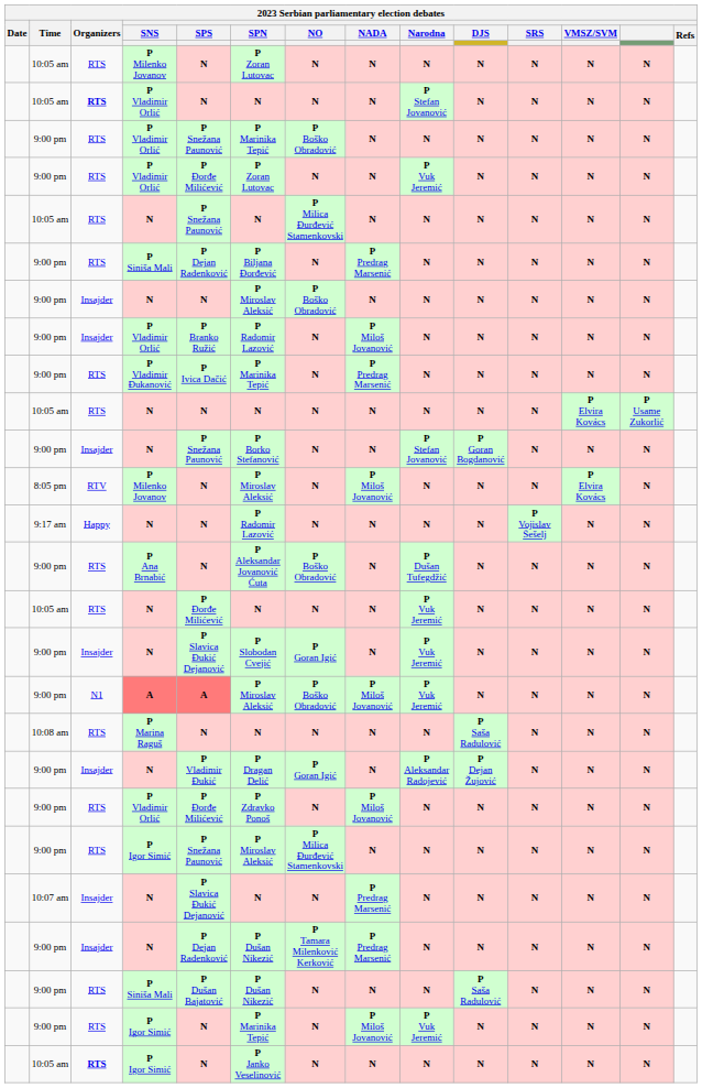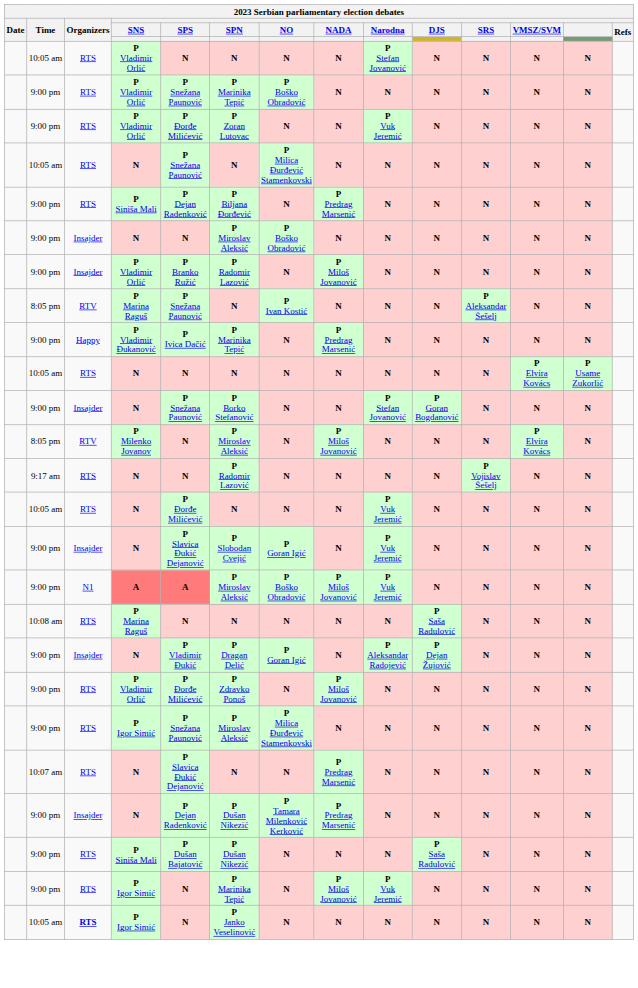 <table class="wikitable" style="font-size:85%; line-height:15px; text-align:center">
 <tr>
 <th colspan="14">2023 Serbian parliamentary election debates</th>
 </tr>
 <tr>
 <th rowspan="3">Date</th>
 <th rowspan="3">Time</th>
 <th rowspan="3">Organizers</th>
 <th colspan="11">        </th>
 </tr>
 <tr>
 <th scope="col" style="width:5em"><a href='#'>SNS</a></th>
 <th scope="col" style="width:5em"><a href='#'>SPS</a></th>
 <th scope="col" style="width:5em"><a href='#'>SPN</a></th>
 <th scope="col" style="width:5em"><a href='#'>NO</a></th>
 <th scope="col" style="width:5em"><a href='#'>NADA</a></th>
 <th scope="col" style="width:5em"><a href='#'>Narodna</a></th>
 <th scope="col" style="width:5em"><a href='#'>DJS</a></th>
 <th scope="col" style="width:5em"><a href='#'>SRS</a></th>
 <th scope="col" style="width:5em"><a href='#'>VMSZ/SVM</a></th>
 <th scope="col" style="width:5em"></th>
 <th rowspan="2">Refs</th>
 </tr>
 <tr>
 <th style="background:"></th>
 <th style="background:"></th>
 <th style="background:"></th>
 <th style="background:"></th>
 <th style="background:"></th>
 <th style="background:"></th>
 <th style="background:#D0B528"></th>
 <th style="background:"></th>
 <th style="background:"></th>
 <th style="background:#749C75"></th>
 </tr>
 <tr>
 <td></td>
 <td>10:05 am</td>
 <td><a href='#'>RTS</a></td>
-<td style="background:#D0FFD0"><strong>P</strong><br><a href='#'>Milenko Jovanov</a></td>
-<td style="background:#FFD0D0"><strong>N</strong></td>
-<td style="background:#D0FFD0"><strong>P</strong><br><a href='#'>Zoran Lutovac</a></td>
-<td style="background:#FFD0D0"><strong>N</strong></td>
-<td style="background:#FFD0D0"><strong>N</strong></td>
-<td style="background:#FFD0D0"><strong>N</strong></td>
-<td style="background:#FFD0D0"><strong>N</strong></td>
-<td style="background:#FFD0D0"><strong>N</strong></td>
-<td style="background:#FFD0D0"><strong>N</strong></td>
-<td style="background:#FFD0D0"><strong>N</strong></td>
-<td></td>
-</tr>
-<tr>
-<td></td>
-<td>10:05 am</td>
-<td><strong><a href='#'>RTS</a></strong></td>
 <td style="background:#D0FFD0"><strong>P</strong><br><a href='#'>Vladimir Orlić</a></td>
 <td style="background:#FFD0D0"><strong>N</strong></td>
 <td style="background:#FFD0D0"><strong>N</strong></td>
 <td style="background:#FFD0D0"><strong>N</strong></td>
 <td style="background:#FFD0D0"><strong>N</strong></td>
 <td style="background:#D0FFD0"><strong>P</strong><br><a href='#'>Stefan Jovanović</a></td>
 <td style="background:#FFD0D0"><strong>N</strong></td>
 <td style="background:#FFD0D0"><strong>N</strong></td>
 <td style="background:#FFD0D0"><strong>N</strong></td>
 <td style="background:#FFD0D0"><strong>N</strong></td>
 <td></td>
 </tr>
 <tr>
 <td></td>
 <td>9:00 pm</td>
 <td><a href='#'>RTS</a></td>
 <td style="background:#D0FFD0"><strong>P</strong><br><a href='#'>Vladimir Orlić</a></td>
 <td style="background:#D0FFD0"><strong>P</strong><br><a href='#'>Snežana Paunović</a></td>
 <td style="background:#D0FFD0"><strong>P</strong><br><a href='#'>Marinika Tepić</a></td>
 <td style="background:#D0FFD0"><strong>P</strong><br><a href='#'>Boško Obradović</a></td>
 <td style="background:#FFD0D0"><strong>N</strong></td>
 <td style="background:#FFD0D0"><strong>N</strong></td>
 <td style="background:#FFD0D0"><strong>N</strong></td>
 <td style="background:#FFD0D0"><strong>N</strong></td>
 <td style="background:#FFD0D0"><strong>N</strong></td>
 <td style="background:#FFD0D0"><strong>N</strong></td>
 <td></td>
 </tr>
 <tr>
 <td></td>
 <td>9:00 pm</td>
 <td><a href='#'>RTS</a></td>
 <td style="background:#D0FFD0"><strong>P</strong><br><a href='#'>Vladimir Orlić</a></td>
 <td style="background:#D0FFD0"><strong>P</strong><br><a href='#'>Đorđe Milićević</a></td>
 <td style="background:#D0FFD0"><strong>P</strong><br><a href='#'>Zoran Lutovac</a></td>
 <td style="background:#FFD0D0"><strong>N</strong></td>
 <td style="background:#FFD0D0"><strong>N</strong></td>
 <td style="background:#D0FFD0"><strong>P</strong><br><a href='#'>Vuk Jeremić</a></td>
 <td style="background:#FFD0D0"><strong>N</strong></td>
 <td style="background:#FFD0D0"><strong>N</strong></td>
 <td style="background:#FFD0D0"><strong>N</strong></td>
 <td style="background:#FFD0D0"><strong>N</strong></td>
 <td></td>
 </tr>
 <tr>
 <td></td>
 <td>10:05 am</td>
 <td><a href='#'>RTS</a></td>
 <td style="background:#FFD0D0"><strong>N</strong></td>
 <td style="background:#D0FFD0"><strong>P</strong><br><a href='#'>Snežana Paunović</a></td>
 <td style="background:#FFD0D0"><strong>N</strong></td>
 <td style="background:#D0FFD0"><strong>P</strong><br><a href='#'>Milica Đurđević Stamenkovski</a></td>
 <td style="background:#FFD0D0"><strong>N</strong></td>
 <td style="background:#FFD0D0"><strong>N</strong></td>
 <td style="background:#FFD0D0"><strong>N</strong></td>
 <td style="background:#FFD0D0"><strong>N</strong></td>
 <td style="background:#FFD0D0"><strong>N</strong></td>
 <td style="background:#FFD0D0"><strong>N</strong></td>
 <td></td>
 </tr>
 <tr>
 <td></td>
 <td>9:00 pm</td>
 <td><a href='#'>RTS</a></td>
 <td style="background:#D0FFD0"><strong>P</strong><br><a href='#'>Siniša Mali</a></td>
 <td style="background:#D0FFD0"><strong>P</strong><br><a href='#'>Dejan Radenković</a></td>
 <td style="background:#D0FFD0"><strong>P</strong><br><a href='#'>Biljana Đorđević</a></td>
 <td style="background:#FFD0D0"><strong>N</strong></td>
 <td style="background:#D0FFD0"><strong>P</strong><br><a href='#'>Predrag Marsenić</a></td>
 <td style="background:#FFD0D0"><strong>N</strong></td>
 <td style="background:#FFD0D0"><strong>N</strong></td>
 <td style="background:#FFD0D0"><strong>N</strong></td>
 <td style="background:#FFD0D0"><strong>N</strong></td>
 <td style="background:#FFD0D0"><strong>N</strong></td>
 <td></td>
 </tr>
 <tr>
 <td></td>
 <td>9:00 pm</td>
 <td><a href='#'>Insajder</a></td>
 <td style="background:#FFD0D0"><strong>N</strong></td>
 <td style="background:#FFD0D0"><strong>N</strong></td>
 <td style="background:#D0FFD0"><strong>P</strong><br><a href='#'>Miroslav Aleksić</a></td>
 <td style="background:#D0FFD0"><strong>P</strong><br><a href='#'>Boško Obradović</a></td>
 <td style="background:#FFD0D0"><strong>N</strong></td>
 <td style="background:#FFD0D0"><strong>N</strong></td>
 <td style="background:#FFD0D0"><strong>N</strong></td>
 <td style="background:#FFD0D0"><strong>N</strong></td>
 <td style="background:#FFD0D0"><strong>N</strong></td>
 <td style="background:#FFD0D0"><strong>N</strong></td>
 <td></td>
 </tr>
 <tr>
 <td></td>
 <td>9:00 pm</td>
 <td><a href='#'>Insajder</a></td>
 <td style="background:#D0FFD0"><strong>P</strong><br><a href='#'>Vladimir Orlić</a></td>
 <td style="background:#D0FFD0"><strong>P</strong><br><a href='#'>Branko Ružić</a></td>
 <td style="background:#D0FFD0"><strong>P</strong><br><a href='#'>Radomir Lazović</a></td>
 <td style="background:#FFD0D0"><strong>N</strong></td>
 <td style="background:#D0FFD0"><strong>P</strong><br><a href='#'>Miloš Jovanović</a></td>
 <td style="background:#FFD0D0"><strong>N</strong></td>
 <td style="background:#FFD0D0"><strong>N</strong></td>
 <td style="background:#FFD0D0"><strong>N</strong></td>
 <td style="background:#FFD0D0"><strong>N</strong></td>
 <td style="background:#FFD0D0"><strong>N</strong></td>
 <td></td>
 </tr>
 <tr>
 <td></td>
+<td>8:05 pm</td>
+<td><a href='#'>RTV</a></td>
+<td style="background:#D0FFD0"><strong>P</strong><br><a href='#'>Marina Raguš</a></td>
+<td style="background:#D0FFD0"><strong>P</strong><br><a href='#'>Snežana Paunović</a></td>
+<td style="background:#FFD0D0"><strong>N</strong></td>
+<td style="background:#D0FFD0"><strong>P</strong><br><a href='#'>Ivan Kostić</a></td>
+<td style="background:#FFD0D0"><strong>N</strong></td>
+<td style="background:#FFD0D0"><strong>N</strong></td>
+<td style="background:#FFD0D0"><strong>N</strong></td>
+<td style="background:#D0FFD0"><strong>P</strong><br><a href='#'>Aleksandar Šešelj</a></td>
+<td style="background:#FFD0D0"><strong>N</strong></td>
+<td style="background:#FFD0D0"><strong>N</strong></td>
+<td></td>
+</tr>
+<tr>
+<td></td>
 <td>9:00 pm</td>
-<td><a href='#'>RTS</a></td>
+<td><a href='#'>Happy</a></td>
 <td style="background:#D0FFD0"><strong>P</strong><br><a href='#'>Vladimir Đukanović</a></td>
 <td style="background:#D0FFD0"><strong>P</strong><br><a href='#'>Ivica Dačić</a></td>
 <td style="background:#D0FFD0"><strong>P</strong><br><a href='#'>Marinika Tepić</a></td>
 <td style="background:#FFD0D0"><strong>N</strong></td>
 <td style="background:#D0FFD0"><strong>P</strong><br><a href='#'>Predrag Marsenić</a></td>
 <td style="background:#FFD0D0"><strong>N</strong></td>
 <td style="background:#FFD0D0"><strong>N</strong></td>
 <td style="background:#FFD0D0"><strong>N</strong></td>
 <td style="background:#FFD0D0"><strong>N</strong></td>
 <td style="background:#FFD0D0"><strong>N</strong></td>
 <td></td>
 </tr>
 <tr>
 <td></td>
 <td>10:05 am</td>
 <td><a href='#'>RTS</a></td>
 <td style="background:#FFD0D0"><strong>N</strong></td>
 <td style="background:#FFD0D0"><strong>N</strong></td>
 <td style="background:#FFD0D0"><strong>N</strong></td>
 <td style="background:#FFD0D0"><strong>N</strong></td>
 <td style="background:#FFD0D0"><strong>N</strong></td>
 <td style="background:#FFD0D0"><strong>N</strong></td>
 <td style="background:#FFD0D0"><strong>N</strong></td>
 <td style="background:#FFD0D0"><strong>N</strong></td>
 <td style="background:#D0FFD0"><strong>P</strong><br><a href='#'>Elvira Kovács</a></td>
 <td style="background:#D0FFD0"><strong>P</strong><br><a href='#'>Usame Zukorlić</a></td>
 <td></td>
 </tr>
 <tr>
 <td></td>
 <td>9:00 pm</td>
 <td><a href='#'>Insajder</a></td>
 <td style="background:#FFD0D0"><strong>N</strong></td>
 <td style="background:#D0FFD0"><strong>P</strong><br><a href='#'>Snežana Paunović</a></td>
 <td style="background:#D0FFD0"><strong>P</strong><br><a href='#'>Borko Stefanović</a></td>
 <td style="background:#FFD0D0"><strong>N</strong></td>
 <td style="background:#FFD0D0"><strong>N</strong></td>
 <td style="background:#D0FFD0"><strong>P</strong><br><a href='#'>Stefan Jovanović</a></td>
 <td style="background:#D0FFD0"><strong>P</strong><br><a href='#'>Goran Bogdanović</a></td>
 <td style="background:#FFD0D0"><strong>N</strong></td>
 <td style="background:#FFD0D0"><strong>N</strong></td>
 <td style="background:#FFD0D0"><strong>N</strong></td>
 <td></td>
 </tr>
 <tr>
 <td></td>
 <td>8:05 pm</td>
 <td><a href='#'>RTV</a></td>
 <td style="background:#D0FFD0"><strong>P</strong><br><a href='#'>Milenko Jovanov</a></td>
 <td style="background:#FFD0D0"><strong>N</strong></td>
 <td style="background:#D0FFD0"><strong>P</strong><br><a href='#'>Miroslav Aleksić</a></td>
 <td style="background:#FFD0D0"><strong>N</strong></td>
 <td style="background:#D0FFD0"><strong>P</strong><br><a href='#'>Miloš Jovanović</a></td>
 <td style="background:#FFD0D0"><strong>N</strong></td>
 <td style="background:#FFD0D0"><strong>N</strong></td>
 <td style="background:#FFD0D0"><strong>N</strong></td>
 <td style="background:#D0FFD0"><strong>P</strong><br><a href='#'>Elvira Kovács</a></td>
 <td style="background:#FFD0D0"><strong>N</strong></td>
 <td></td>
 </tr>
 <tr>
 <td></td>
 <td>9:17 am</td>
-<td><a href='#'>Happy</a></td>
+<td><a href='#'>RTS</a></td>
 <td style="background:#FFD0D0"><strong>N</strong></td>
 <td style="background:#FFD0D0"><strong>N</strong></td>
 <td style="background:#D0FFD0"><strong>P</strong><br><a href='#'>Radomir Lazović</a></td>
 <td style="background:#FFD0D0"><strong>N</strong></td>
 <td style="background:#FFD0D0"><strong>N</strong></td>
 <td style="background:#FFD0D0"><strong>N</strong></td>
 <td style="background:#FFD0D0"><strong>N</strong></td>
 <td style="background:#D0FFD0"><strong>P</strong><br><a href='#'>Vojislav Šešelj</a></td>
-<td style="background:#FFD0D0"><strong>N</strong></td>
-<td style="background:#FFD0D0"><strong>N</strong></td>
-<td></td>
-</tr>
-<tr>
-<td></td>
-<td>9:00 pm</td>
-<td><a href='#'>RTS</a></td>
-<td style="background:#D0FFD0"><strong>P</strong><br><a href='#'>Ana Brnabić</a></td>
-<td style="background:#FFD0D0"><strong>N</strong></td>
-<td style="background:#D0FFD0"><strong>P</strong><br><a href='#'>Aleksandar Jovanović Ćuta</a></td>
-<td style="background:#D0FFD0"><strong>P</strong><br><a href='#'>Boško Obradović</a></td>
-<td style="background:#FFD0D0"><strong>N</strong></td>
-<td style="background:#D0FFD0"><strong>P</strong><br><a href='#'>Dušan Tufegdžić</a></td>
-<td style="background:#FFD0D0"><strong>N</strong></td>
-<td style="background:#FFD0D0"><strong>N</strong></td>
 <td style="background:#FFD0D0"><strong>N</strong></td>
 <td style="background:#FFD0D0"><strong>N</strong></td>
 <td></td>
 </tr>
 <tr>
 <td></td>
 <td>10:05 am</td>
 <td><a href='#'>RTS</a></td>
 <td style="background:#FFD0D0"><strong>N</strong></td>
 <td style="background:#D0FFD0"><strong>P</strong><br><a href='#'>Đorđe Milićević</a></td>
 <td style="background:#FFD0D0"><strong>N</strong></td>
 <td style="background:#FFD0D0"><strong>N</strong></td>
 <td style="background:#FFD0D0"><strong>N</strong></td>
 <td style="background:#D0FFD0"><strong>P</strong><br><a href='#'>Vuk Jeremić</a></td>
 <td style="background:#FFD0D0"><strong>N</strong></td>
 <td style="background:#FFD0D0"><strong>N</strong></td>
 <td style="background:#FFD0D0"><strong>N</strong></td>
 <td style="background:#FFD0D0"><strong>N</strong></td>
 <td></td>
 </tr>
 <tr>
 <td></td>
 <td>9:00 pm</td>
 <td><a href='#'>Insajder</a></td>
 <td style="background:#FFD0D0"><strong>N</strong></td>
 <td style="background:#D0FFD0"><strong>P</strong><br><a href='#'>Slavica Đukić Dejanović</a></td>
 <td style="background:#D0FFD0"><strong>P</strong><br><a href='#'>Slobodan Cvejić</a></td>
 <td style="background:#D0FFD0"><strong>P</strong><br><a href='#'>Goran Igić</a></td>
 <td style="background:#FFD0D0"><strong>N</strong></td>
 <td style="background:#D0FFD0"><strong>P</strong><br><a href='#'>Vuk Jeremić</a></td>
 <td style="background:#FFD0D0"><strong>N</strong></td>
 <td style="background:#FFD0D0"><strong>N</strong></td>
 <td style="background:#FFD0D0"><strong>N</strong></td>
 <td style="background:#FFD0D0"><strong>N</strong></td>
 <td></td>
 </tr>
 <tr>
 <td></td>
 <td>9:00 pm</td>
 <td><a href='#'>N1</a></td>
 <td style="background:#FF7A7A"><strong>A</strong></td>
 <td style="background:#FF7A7A"><strong>A</strong></td>
 <td style="background:#D0FFD0"><strong>P</strong><br><a href='#'>Miroslav Aleksić</a></td>
 <td style="background:#D0FFD0"><strong>P</strong><br><a href='#'>Boško Obradović</a></td>
 <td style="background:#D0FFD0"><strong>P</strong><br><a href='#'>Miloš Jovanović</a></td>
 <td style="background:#D0FFD0"><strong>P</strong><br><a href='#'>Vuk Jeremić</a></td>
 <td style="background:#FFD0D0"><strong>N</strong></td>
 <td style="background:#FFD0D0"><strong>N</strong></td>
 <td style="background:#FFD0D0"><strong>N</strong></td>
 <td style="background:#FFD0D0"><strong>N</strong></td>
 <td></td>
 </tr>
 <tr>
 <td></td>
 <td>10:08 am</td>
 <td><a href='#'>RTS</a></td>
 <td style="background:#D0FFD0"><strong>P</strong><br><a href='#'>Marina Raguš</a></td>
 <td style="background:#FFD0D0"><strong>N</strong></td>
 <td style="background:#FFD0D0"><strong>N</strong></td>
 <td style="background:#FFD0D0"><strong>N</strong></td>
 <td style="background:#FFD0D0"><strong>N</strong></td>
 <td style="background:#FFD0D0"><strong>N</strong></td>
 <td style="background:#D0FFD0"><strong>P</strong><br><a href='#'>Saša Radulović</a></td>
 <td style="background:#FFD0D0"><strong>N</strong></td>
 <td style="background:#FFD0D0"><strong>N</strong></td>
 <td style="background:#FFD0D0"><strong>N</strong></td>
 <td></td>
 </tr>
 <tr>
 <td></td>
 <td>9:00 pm</td>
 <td><a href='#'>Insajder</a></td>
 <td style="background:#FFD0D0"><strong>N</strong></td>
 <td style="background:#D0FFD0"><strong>P</strong><br><a href='#'>Vladimir Đukić</a></td>
 <td style="background:#D0FFD0"><strong>P</strong><br><a href='#'>Dragan Delić</a></td>
 <td style="background:#D0FFD0"><strong>P</strong><br><a href='#'>Goran Igić</a></td>
 <td style="background:#FFD0D0"><strong>N</strong></td>
 <td style="background:#D0FFD0"><strong>P</strong><br><a href='#'>Aleksandar Radojević</a></td>
 <td style="background:#D0FFD0"><strong>P</strong><br><a href='#'>Dejan Žujović</a></td>
 <td style="background:#FFD0D0"><strong>N</strong></td>
 <td style="background:#FFD0D0"><strong>N</strong></td>
 <td style="background:#FFD0D0"><strong>N</strong></td>
 <td></td>
 </tr>
 <tr>
 <td></td>
 <td>9:00 pm</td>
 <td><a href='#'>RTS</a></td>
 <td style="background:#D0FFD0"><strong>P</strong><br><a href='#'>Vladimir Orlić</a></td>
 <td style="background:#D0FFD0"><strong>P</strong><br><a href='#'>Đorđe Milićević</a></td>
 <td style="background:#D0FFD0"><strong>P</strong><br><a href='#'>Zdravko Ponoš</a></td>
 <td style="background:#FFD0D0"><strong>N</strong></td>
 <td style="background:#D0FFD0"><strong>P</strong><br><a href='#'>Miloš Jovanović</a></td>
 <td style="background:#FFD0D0"><strong>N</strong></td>
 <td style="background:#FFD0D0"><strong>N</strong></td>
 <td style="background:#FFD0D0"><strong>N</strong></td>
 <td style="background:#FFD0D0"><strong>N</strong></td>
 <td style="background:#FFD0D0"><strong>N</strong></td>
 <td></td>
 </tr>
 <tr>
 <td></td>
 <td>9:00 pm</td>
 <td><a href='#'>RTS</a></td>
 <td style="background:#D0FFD0"><strong>P</strong><br><a href='#'>Igor Simić</a></td>
 <td style="background:#D0FFD0"><strong>P</strong><br><a href='#'>Snežana Paunović</a></td>
 <td style="background:#D0FFD0"><strong>P</strong><br><a href='#'>Miroslav Aleksić</a></td>
 <td style="background:#D0FFD0"><strong>P</strong><br><a href='#'>Milica Đurđević Stamenkovski</a></td>
 <td style="background:#FFD0D0"><strong>N</strong></td>
 <td style="background:#FFD0D0"><strong>N</strong></td>
 <td style="background:#FFD0D0"><strong>N</strong></td>
 <td style="background:#FFD0D0"><strong>N</strong></td>
 <td style="background:#FFD0D0"><strong>N</strong></td>
 <td style="background:#FFD0D0"><strong>N</strong></td>
 <td></td>
 </tr>
 <tr>
 <td></td>
 <td>10:07 am</td>
-<td><a href='#'>Insajder</a></td>
+<td><a href='#'>RTS</a></td>
 <td style="background:#FFD0D0"><strong>N</strong></td>
 <td style="background:#D0FFD0"><strong>P</strong><br><a href='#'>Slavica Đukić Dejanović</a></td>
 <td style="background:#FFD0D0"><strong>N</strong></td>
 <td style="background:#FFD0D0"><strong>N</strong></td>
 <td style="background:#D0FFD0"><strong>P</strong><br><a href='#'>Predrag Marsenić</a></td>
 <td style="background:#FFD0D0"><strong>N</strong></td>
 <td style="background:#FFD0D0"><strong>N</strong></td>
 <td style="background:#FFD0D0"><strong>N</strong></td>
 <td style="background:#FFD0D0"><strong>N</strong></td>
 <td style="background:#FFD0D0"><strong>N</strong></td>
 <td></td>
 </tr>
 <tr>
 <td></td>
 <td>9:00 pm</td>
 <td><a href='#'>Insajder</a></td>
 <td style="background:#FFD0D0"><strong>N</strong></td>
 <td style="background:#D0FFD0"><strong>P</strong><br><a href='#'>Dejan Radenković</a></td>
 <td style="background:#D0FFD0"><strong>P</strong><br><a href='#'>Dušan Nikezić</a></td>
 <td style="background:#D0FFD0"><strong>P</strong><br><a href='#'>Tamara Milenković Kerković</a></td>
 <td style="background:#D0FFD0"><strong>P</strong><br><a href='#'>Predrag Marsenić</a></td>
 <td style="background:#FFD0D0"><strong>N</strong></td>
 <td style="background:#FFD0D0"><strong>N</strong></td>
 <td style="background:#FFD0D0"><strong>N</strong></td>
 <td style="background:#FFD0D0"><strong>N</strong></td>
 <td style="background:#FFD0D0"><strong>N</strong></td>
 <td></td>
 </tr>
 <tr>
 <td></td>
 <td>9:00 pm</td>
 <td><a href='#'>RTS</a></td>
 <td style="background:#D0FFD0"><strong>P</strong><br><a href='#'>Siniša Mali</a></td>
 <td style="background:#D0FFD0"><strong>P</strong><br><a href='#'>Dušan Bajatović</a></td>
 <td style="background:#D0FFD0"><strong>P</strong><br><a href='#'>Dušan Nikezić</a></td>
 <td style="background:#FFD0D0"><strong>N</strong></td>
 <td style="background:#FFD0D0"><strong>N</strong></td>
 <td style="background:#FFD0D0"><strong>N</strong></td>
 <td style="background:#D0FFD0"><strong>P</strong><br><a href='#'>Saša Radulović</a></td>
 <td style="background:#FFD0D0"><strong>N</strong></td>
 <td style="background:#FFD0D0"><strong>N</strong></td>
 <td style="background:#FFD0D0"><strong>N</strong></td>
 <td></td>
 </tr>
 <tr>
 <td></td>
 <td>9:00 pm</td>
 <td><a href='#'>RTS</a></td>
 <td style="background:#D0FFD0"><strong>P</strong><br><a href='#'>Igor Simić</a></td>
 <td style="background:#FFD0D0"><strong>N</strong></td>
 <td style="background:#D0FFD0"><strong>P</strong><br><a href='#'>Marinika Tepić</a></td>
 <td style="background:#FFD0D0"><strong>N</strong></td>
 <td style="background:#D0FFD0"><strong>P</strong><br><a href='#'>Miloš Jovanović</a></td>
 <td style="background:#D0FFD0"><strong>P</strong><br><a href='#'>Vuk Jeremić</a></td>
 <td style="background:#FFD0D0"><strong>N</strong></td>
 <td style="background:#FFD0D0"><strong>N</strong></td>
 <td style="background:#FFD0D0"><strong>N</strong></td>
 <td style="background:#FFD0D0"><strong>N</strong></td>
 <td></td>
 </tr>
 <tr>
 <td></td>
 <td>10:05 am</td>
 <td><strong><a href='#'>RTS</a></strong></td>
 <td style="background:#D0FFD0"><strong>P</strong><br><a href='#'>Igor Simić</a></td>
 <td style="background:#FFD0D0"><strong>N</strong></td>
 <td style="background:#D0FFD0"><strong>P</strong><br><a href='#'>Janko Veselinović</a></td>
 <td style="background:#FFD0D0"><strong>N</strong></td>
 <td style="background:#FFD0D0"><strong>N</strong></td>
 <td style="background:#FFD0D0"><strong>N</strong></td>
 <td style="background:#FFD0D0"><strong>N</strong></td>
 <td style="background:#FFD0D0"><strong>N</strong></td>
 <td style="background:#FFD0D0"><strong>N</strong></td>
 <td style="background:#FFD0D0"><strong>N</strong></td>
 <td></td>
 </tr>
 </table>
